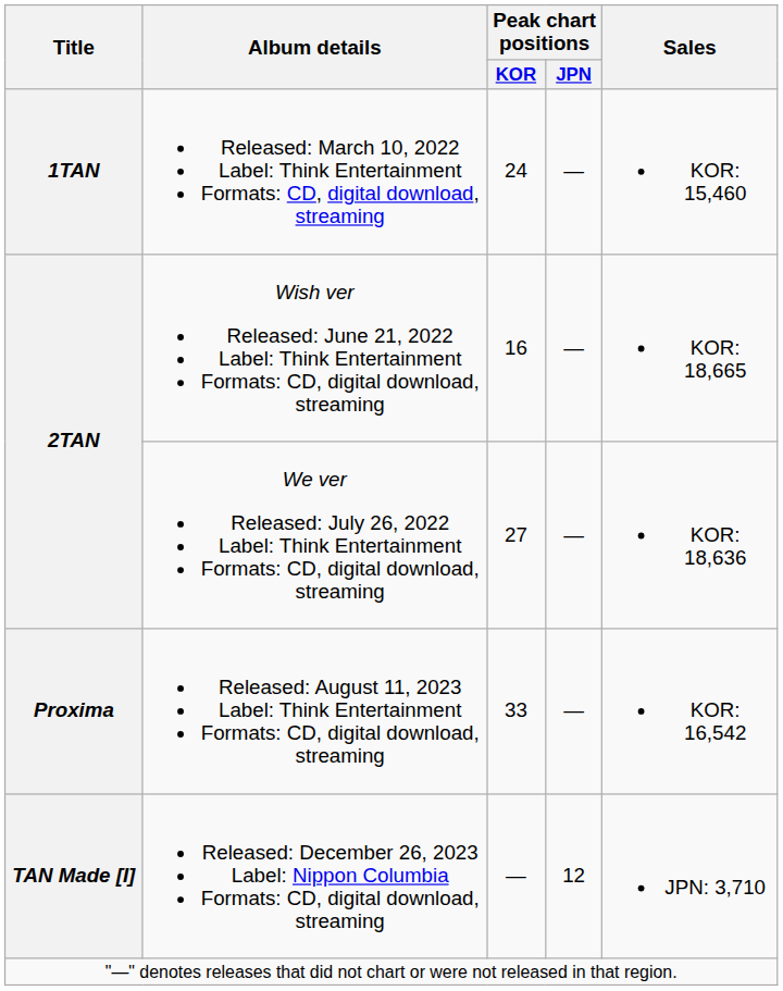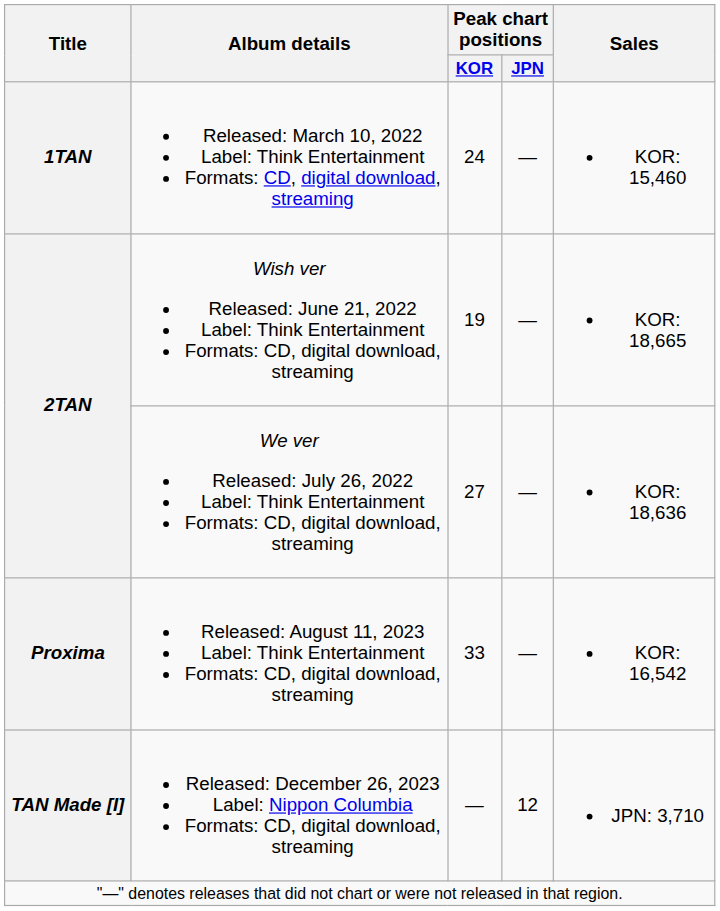 <table class="wikitable plainrowheaders" style="text-align:center;">
 <tr>
 <th scope="col" rowspan="2" style="width:8em;">Title</th>
 <th scope="col" rowspan="2" style="width:22em;">Album details</th>
 <th scope="col" colspan="2">Peak chart positions</th>
 <th scope="col" rowspan="2" style="width:10em;">Sales</th>
 </tr>
 <tr>
 <th scope="col" style="width:3em;font-size:90%;"><a href='#'>KOR</a><br></th>
 <th scope="col" style="width:3em;font-size:90%;"><a href='#'>JPN</a><br></th>
 </tr>
 <tr>
 <th scope="row"><em>1TAN</em></th>
 <td><br><ul><li>Released: March 10, 2022</li><li>Label: Think Entertainment</li><li>Formats: <a href='#'>CD</a>, <a href='#'>digital download</a>, <a href='#'>streaming</a></li></ul></td>
 <td>24</td>
 <td>—</td>
 <td><br><ul><li>KOR: 15,460</li></ul></td>
 </tr>
 <tr>
 <th scope="row" rowspan="2"><em>2TAN</em></th>
 <td><br><em>Wish ver</em><ul><li>Released: June 21, 2022</li><li>Label: Think Entertainment</li><li>Formats: CD, digital download, streaming</li></ul></td>
-<td>16</td>
+<td>19</td>
 <td>—</td>
 <td><br><ul><li>KOR: 18,665</li></ul></td>
 </tr>
 <tr>
 <td><br><em>We ver</em><ul><li>Released: July 26, 2022</li><li>Label: Think Entertainment</li><li>Formats: CD, digital download, streaming</li></ul></td>
 <td>27</td>
 <td>—</td>
 <td><br><ul><li>KOR: 18,636</li></ul></td>
 </tr>
 <tr>
 <th scope="row"><em>Proxima</em></th>
 <td><br><ul><li>Released: August 11, 2023</li><li>Label: Think Entertainment</li><li>Formats: CD, digital download, streaming</li></ul></td>
 <td>33</td>
 <td>—</td>
 <td><br><ul><li>KOR: 16,542</li></ul></td>
 </tr>
 <tr>
 <th scope="row"><em>TAN Made [I]</em></th>
 <td><br><ul><li>Released: December 26, 2023</li><li>Label: <a href='#'>Nippon Columbia</a></li><li>Formats: CD, digital download, streaming</li></ul></td>
 <td>—</td>
 <td>12</td>
 <td><br><ul><li>JPN: 3,710</li></ul></td>
 </tr>
 <tr>
 <td colspan="5" style="font-size:85%">"—" denotes releases that did not chart or were not released in that region.</td>
 </tr>
 </table>
